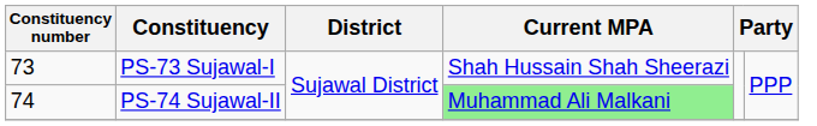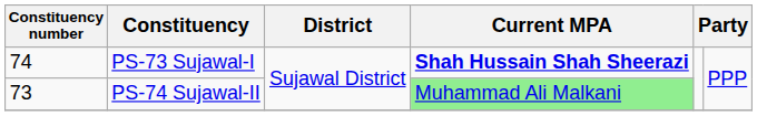 <table class="wikitable">
 <tr>
 <th width="50px" style="font-size:75%">Constituency number</th>
 <th>Constituency</th>
 <th>District</th>
 <th>Current MPA</th>
 <th colspan="2">Party</th>
 </tr>
 <tr>
-<td>73</td>
+<td>74</td>
 <td><a href='#'>PS-73 Sujawal-I</a></td>
 <td rowspan="2"><a href='#'>Sujawal District</a></td>
-<td><a href='#'>Shah Hussain Shah Sheerazi</a></td>
+<td><strong><a href='#'>Shah Hussain Shah Sheerazi</a></strong></td>
 <td rowspan="2"></td>
 <td rowspan="2"><a href='#'>PPP</a></td>
 </tr>
 <tr>
-<td>74</td>
+<td>73</td>
 <td><a href='#'>PS-74 Sujawal-II</a></td>
 <td style="background: lightgreen;"><a href='#'>Muhammad Ali Malkani</a></td>
 </tr>
 <tr>
 </tr>
 </table>
